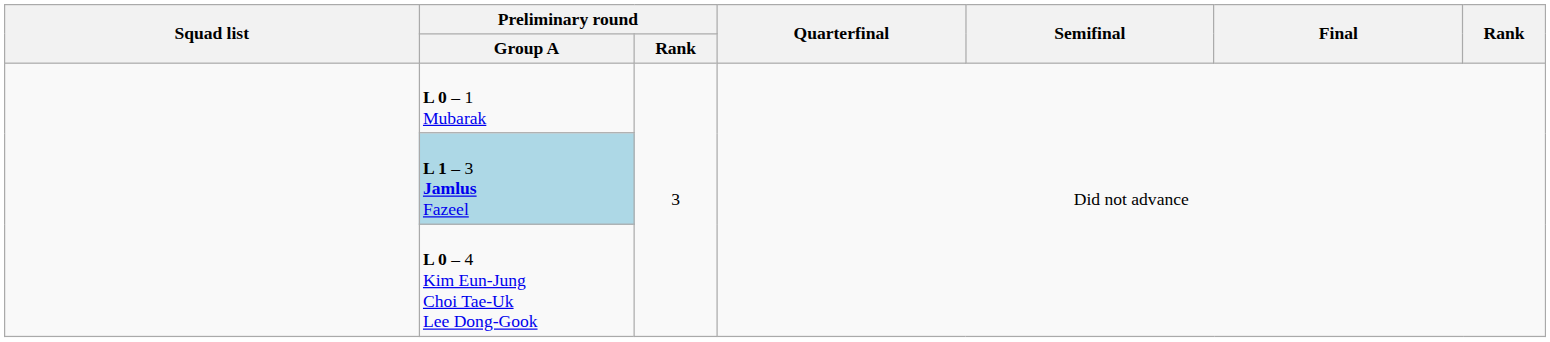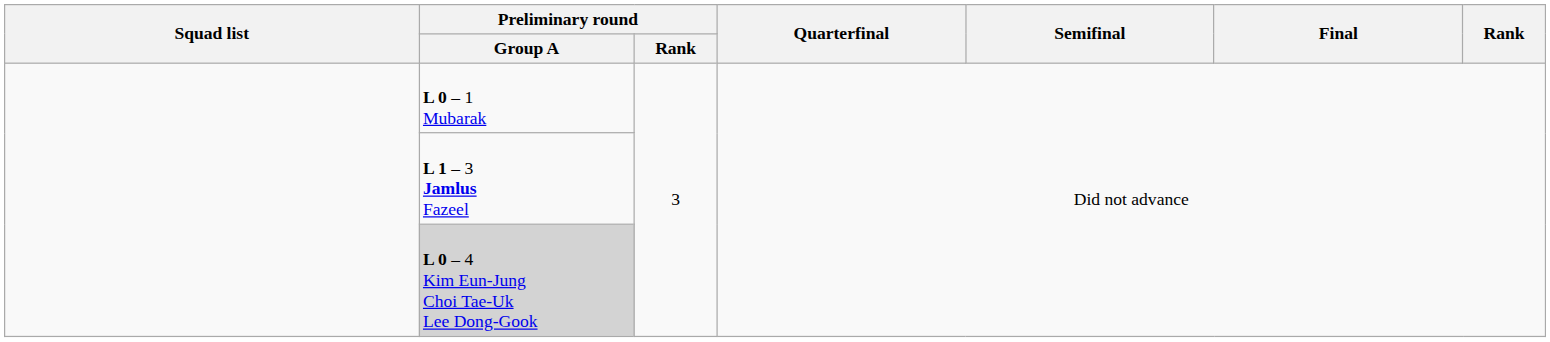 <table class=wikitable width=100% style="text-align:left; font-size:90%">
 <tr>
 <th rowspan=2 width=25%>Squad list</th>
 <th colspan=2 width=18%>Preliminary round</th>
 <th rowspan=2 width=15%>Quarterfinal</th>
 <th rowspan=2 width=15%>Semifinal</th>
 <th rowspan=2 width=15%>Final</th>
 <th rowspan=2 width=5%>Rank</th>
 </tr>
 <tr>
 <th width=13%>Group A</th>
 <th width=5%>Rank</th>
 </tr>
 <tr>
 <td rowspan=3></td>
 <td><br><strong>L 0</strong> – 1<br><a href='#'>Mubarak</a> </td>
 <td rowspan=3 align=center>3</td>
 <td rowspan=3 colspan=4 align=center>Did not advance</td>
 </tr>
 <tr>
-<td style="background: lightblue;"><br><strong>L 1</strong> – 3<br><strong><a href='#'>Jamlus</a> </strong><br><a href='#'>Fazeel</a> </td>
+<td><br><strong>L 1</strong> – 3<br><strong><a href='#'>Jamlus</a> </strong><br><a href='#'>Fazeel</a> </td>
 </tr>
 <tr>
-<td><br><strong>L 0</strong> – 4<br><a href='#'>Kim Eun-Jung</a> <br><a href='#'>Choi Tae-Uk</a> <br><a href='#'>Lee Dong-Gook</a> </td>
+<td style="background: lightgrey;"><br><strong>L 0</strong> – 4<br><a href='#'>Kim Eun-Jung</a> <br><a href='#'>Choi Tae-Uk</a> <br><a href='#'>Lee Dong-Gook</a> </td>
 </tr>
 </table>
